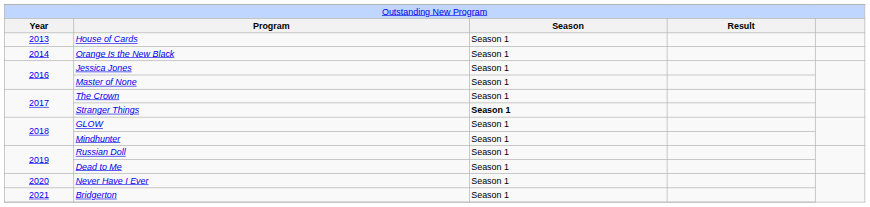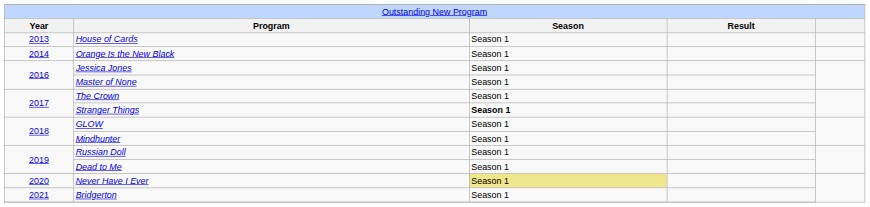 <table class="wikitable plainrowheaders" style="font-size: 90%" width=70%>
 <tr>
 </tr>
 <tr ---- bgcolor="#bfd7ff">
 <td colspan=6 align=center><a href='#'>Outstanding New Program</a></td>
 </tr>
 <tr ---- bgcolor="#ebf5ff">
 <th scope="col" style="width:7%;">Year</th>
 <th scope="col" style="width:40%;">Program</th>
 <th scope="col" style="width:20%;">Season</th>
 <th scope="col" style="width:15%;">Result</th>
 <th scope="col" class="unsortable" style="width:5%;"></th>
 </tr>
 <tr>
 <td style="text-align:center;"><a href='#'>2013</a></td>
 <td><em><a href='#'>House of Cards</a></em></td>
 <td>Season 1</td>
 <td></td>
 <td style="text-align:center;"></td>
 </tr>
 <tr>
 <td style="text-align:center;"><a href='#'>2014</a></td>
 <td><em><a href='#'>Orange Is the New Black</a></em></td>
 <td>Season 1</td>
 <td></td>
 <td style="text-align:center;"></td>
 </tr>
 <tr>
 <td rowspan="2" style="text-align:center;"><a href='#'>2016</a></td>
 <td><em><a href='#'>Jessica Jones</a></em></td>
 <td>Season 1</td>
 <td></td>
 <td rowspan="2" style="text-align:center;"></td>
 </tr>
 <tr>
 <td><em><a href='#'>Master of None</a></em></td>
 <td>Season 1</td>
 <td></td>
 </tr>
 <tr>
 <td rowspan="2" style="text-align:center;"><a href='#'>2017</a></td>
 <td><em><a href='#'>The Crown</a></em></td>
 <td>Season 1</td>
 <td></td>
 <td rowspan="2" style="text-align:center;"></td>
 </tr>
 <tr>
 <td><em><a href='#'>Stranger Things</a></em></td>
 <td><strong>Season 1</strong></td>
 <td></td>
 </tr>
 <tr>
 <td rowspan="2" style="text-align:center;"><a href='#'>2018</a></td>
 <td><em><a href='#'>GLOW</a></em></td>
 <td>Season 1</td>
 <td></td>
 <td rowspan="2" style="text-align:center;"></td>
 </tr>
 <tr>
 <td><em><a href='#'>Mindhunter</a></em></td>
 <td>Season 1</td>
 <td></td>
 </tr>
 <tr>
 <td rowspan="2" style="text-align:center;"><a href='#'>2019</a></td>
 <td><em><a href='#'>Russian Doll</a></em></td>
 <td>Season 1</td>
 <td></td>
 <td rowspan="2" style="text-align:center;"></td>
 </tr>
 <tr>
 <td><em><a href='#'>Dead to Me</a></em></td>
 <td>Season 1</td>
 <td></td>
 </tr>
 <tr>
 <td style="text-align:center;"><a href='#'>2020</a></td>
 <td><em><a href='#'>Never Have I Ever</a></em></td>
-<td>Season 1</td>
+<td style="background: khaki;">Season 1</td>
 <td></td>
 </tr>
 <tr>
 <td style="text-align:center;"><a href='#'>2021</a></td>
 <td><em><a href='#'>Bridgerton</a></em></td>
 <td>Season 1</td>
 <td></td>
 </tr>
 <tr>
 </tr>
 </table>
